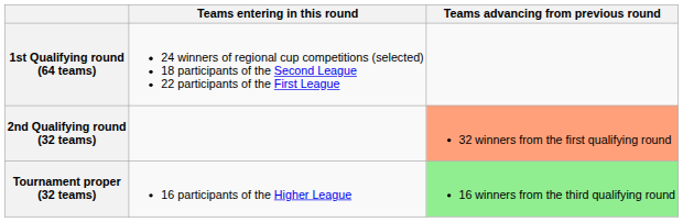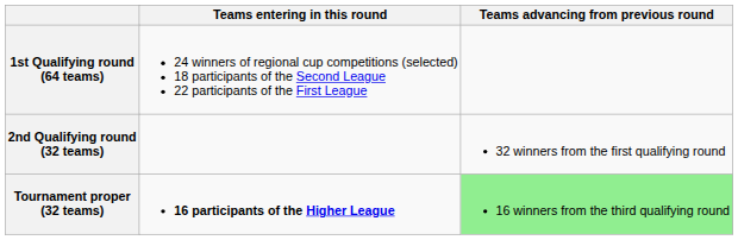 <table class="wikitable">
 <tr>
 <th colspan=2></th>
 <th>Teams entering in this round</th>
 <th>Teams advancing from previous round</th>
 </tr>
 <tr>
 <th colspan=2>1st Qualifying round<br> (64 teams)</th>
 <td><br><ul><li>24 winners of regional cup competitions (selected)</li><li>18 participants of the <a href='#'>Second League</a></li><li>22 participants of the <a href='#'>First League</a></li></ul></td>
 <td></td>
 </tr>
 <tr>
 <th colspan=2>2nd Qualifying round<br> (32 teams)</th>
 <td></td>
-<td style="background: lightsalmon;"><br><ul><li>32 winners from the first qualifying round</li></ul></td>
+<td><br><ul><li>32 winners from the first qualifying round</li></ul></td>
 </tr>
 <tr>
 <th colspan=2>Tournament proper<br> (32 teams)</th>
-<td><br><ul><li>16 participants of the <a href='#'>Higher League</a></li></ul></td>
+<td><strong><br><ul><li>16 participants of the <a href='#'>Higher League</a></li></ul></strong></td>
 <td style="background: lightgreen;"><br><ul><li>16 winners from the third qualifying round</li></ul></td>
 </tr>
 </table>
